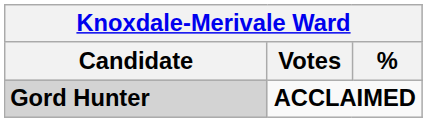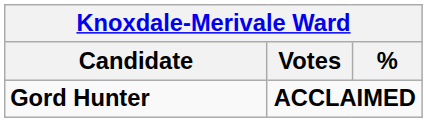 <table class="wikitable">
 <tr>
 <th colspan="3"><a href='#'>Knoxdale-Merivale Ward</a></th>
 </tr>
 <tr>
 <th style="width: 170px">Candidate</th>
 <th style="width: 50px">Votes</th>
 <th style="width: 40px">%</th>
 </tr>
 <tr>
-<td style="background: lightgrey;"><strong>Gord Hunter</strong></td>
+<td><strong>Gord Hunter</strong></td>
 <td colspan="2" align="center"><strong>ACCLAIMED</strong></td>
 </tr>
 </table>
